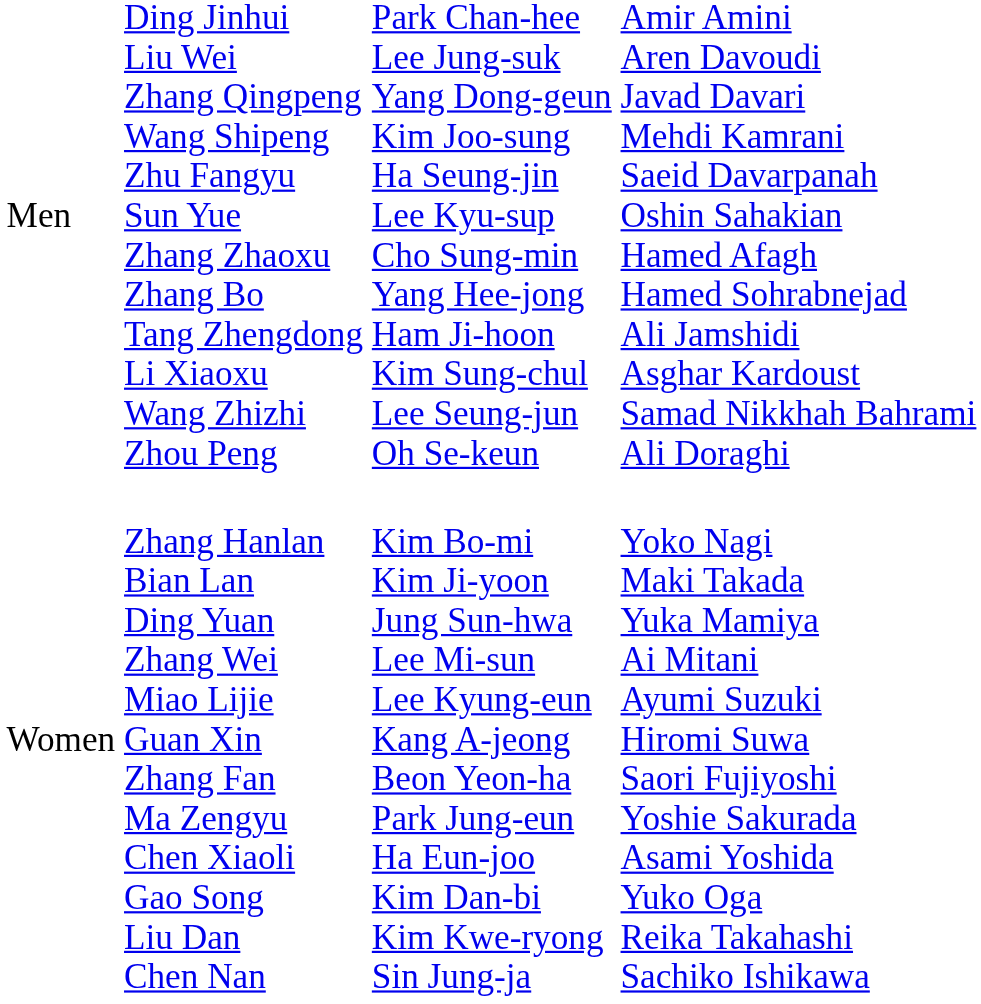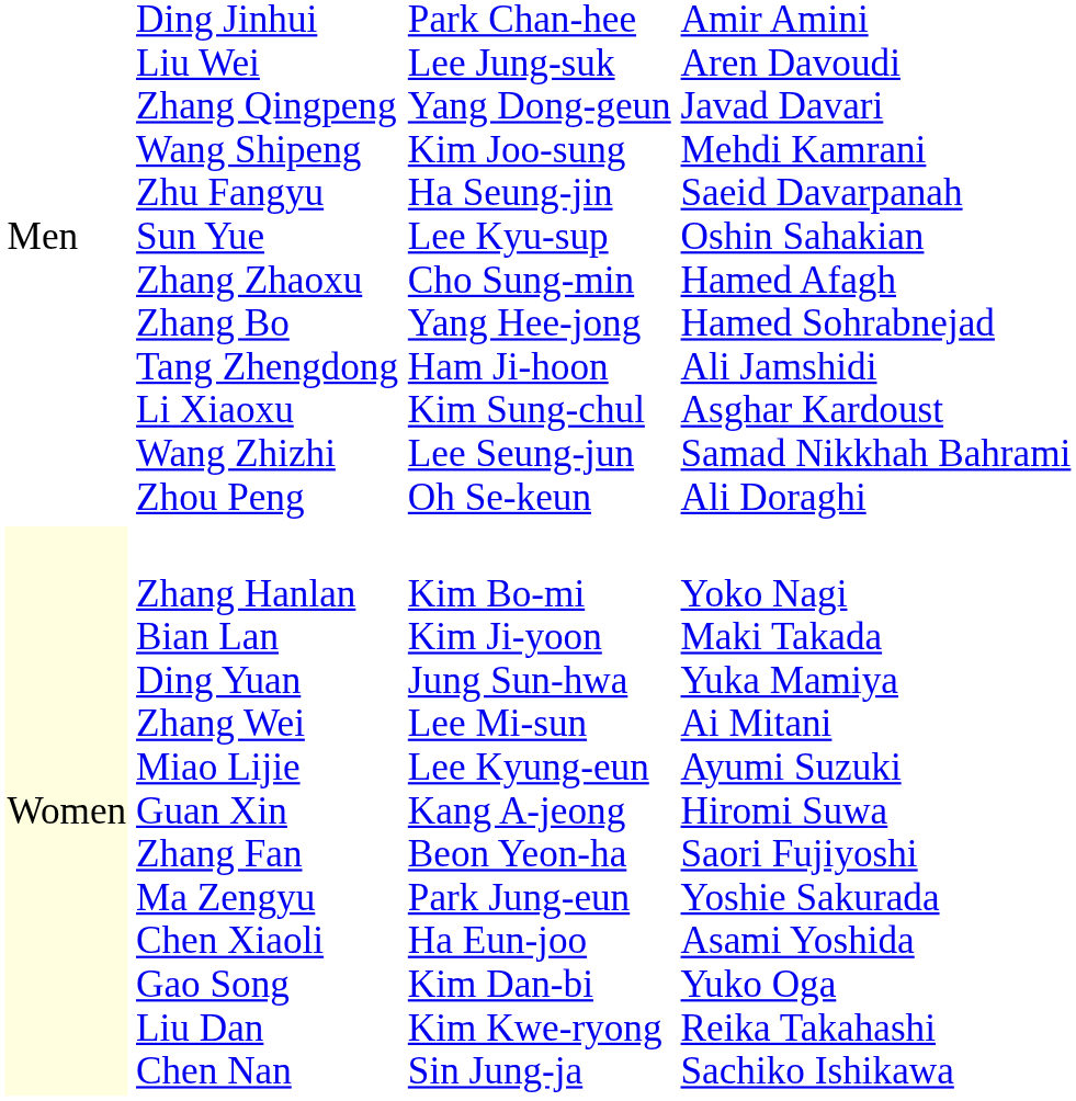 <table>
 <tr>
 <td>Men<br></td>
 <td><br><a href='#'>Ding Jinhui</a><br><a href='#'>Liu Wei</a><br><a href='#'>Zhang Qingpeng</a><br><a href='#'>Wang Shipeng</a><br><a href='#'>Zhu Fangyu</a><br><a href='#'>Sun Yue</a><br><a href='#'>Zhang Zhaoxu</a><br><a href='#'>Zhang Bo</a><br><a href='#'>Tang Zhengdong</a><br><a href='#'>Li Xiaoxu</a><br><a href='#'>Wang Zhizhi</a><br><a href='#'>Zhou Peng</a></td>
 <td><br><a href='#'>Park Chan-hee</a><br><a href='#'>Lee Jung-suk</a><br><a href='#'>Yang Dong-geun</a><br><a href='#'>Kim Joo-sung</a><br><a href='#'>Ha Seung-jin</a><br><a href='#'>Lee Kyu-sup</a><br><a href='#'>Cho Sung-min</a><br><a href='#'>Yang Hee-jong</a><br><a href='#'>Ham Ji-hoon</a><br><a href='#'>Kim Sung-chul</a><br><a href='#'>Lee Seung-jun</a><br><a href='#'>Oh Se-keun</a></td>
 <td><br><a href='#'>Amir Amini</a><br><a href='#'>Aren Davoudi</a><br><a href='#'>Javad Davari</a><br><a href='#'>Mehdi Kamrani</a><br><a href='#'>Saeid Davarpanah</a><br><a href='#'>Oshin Sahakian</a><br><a href='#'>Hamed Afagh</a><br><a href='#'>Hamed Sohrabnejad</a><br><a href='#'>Ali Jamshidi</a><br><a href='#'>Asghar Kardoust</a><br><a href='#'>Samad Nikkhah Bahrami</a><br><a href='#'>Ali Doraghi</a></td>
 </tr>
 <tr>
-<td>Women<br></td>
+<td style="background: lightyellow;">Women<br></td>
 <td><br><a href='#'>Zhang Hanlan</a><br><a href='#'>Bian Lan</a><br><a href='#'>Ding Yuan</a><br><a href='#'>Zhang Wei</a><br><a href='#'>Miao Lijie</a><br><a href='#'>Guan Xin</a><br><a href='#'>Zhang Fan</a><br><a href='#'>Ma Zengyu</a><br><a href='#'>Chen Xiaoli</a><br><a href='#'>Gao Song</a><br><a href='#'>Liu Dan</a><br><a href='#'>Chen Nan</a></td>
 <td><br><a href='#'>Kim Bo-mi</a><br><a href='#'>Kim Ji-yoon</a><br><a href='#'>Jung Sun-hwa</a><br><a href='#'>Lee Mi-sun</a><br><a href='#'>Lee Kyung-eun</a><br><a href='#'>Kang A-jeong</a><br><a href='#'>Beon Yeon-ha</a><br><a href='#'>Park Jung-eun</a><br><a href='#'>Ha Eun-joo</a><br><a href='#'>Kim Dan-bi</a><br><a href='#'>Kim Kwe-ryong</a><br><a href='#'>Sin Jung-ja</a></td>
 <td><br><a href='#'>Yoko Nagi</a><br><a href='#'>Maki Takada</a><br><a href='#'>Yuka Mamiya</a><br><a href='#'>Ai Mitani</a><br><a href='#'>Ayumi Suzuki</a><br><a href='#'>Hiromi Suwa</a><br><a href='#'>Saori Fujiyoshi</a><br><a href='#'>Yoshie Sakurada</a><br><a href='#'>Asami Yoshida</a><br><a href='#'>Yuko Oga</a><br><a href='#'>Reika Takahashi</a><br><a href='#'>Sachiko Ishikawa</a></td>
 </tr>
 </table>
